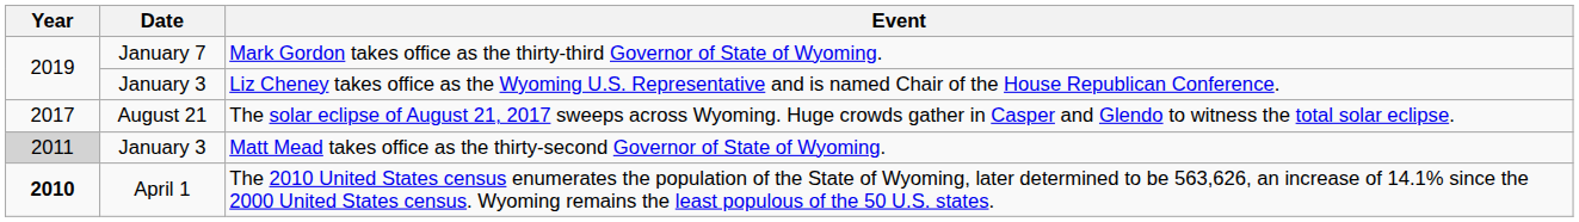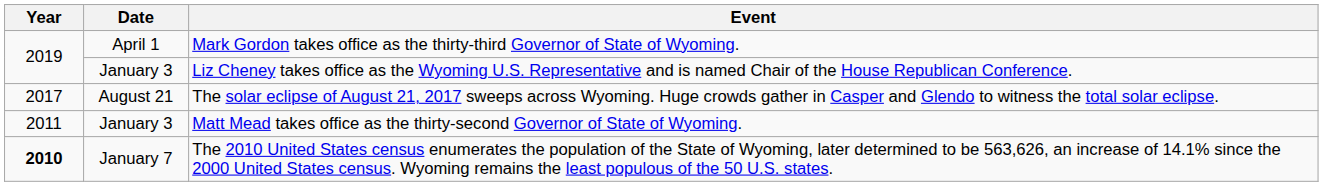 <table class="wikitable" style="width:100%;">
 <tr>
 <th style="width:6%">Year</th>
 <th style="width:8%">Date</th>
 <th style="width:86%">Event</th>
 </tr>
 <tr>
 <td align=center rowspan=2>2019</td>
-<td align=center>January 7</td>
+<td align=center>April 1</td>
 <td><a href='#'>Mark Gordon</a> takes office as the thirty-third <a href='#'>Governor of State of Wyoming</a>.</td>
 </tr>
 <tr>
 <td align=center>January 3</td>
 <td><a href='#'>Liz Cheney</a> takes office as the <a href='#'>Wyoming U.S. Representative</a> and is named Chair of the <a href='#'>House Republican Conference</a>.</td>
 </tr>
 <tr>
 <td align=center rowspan=1>2017</td>
 <td align=center>August 21</td>
 <td>The <a href='#'>solar eclipse of August 21, 2017</a> sweeps across Wyoming.  Huge crowds gather in <a href='#'>Casper</a> and <a href='#'>Glendo</a> to witness the <a href='#'>total solar eclipse</a>.</td>
 </tr>
 <tr>
-<td align=center rowspan=1 style="background: lightgrey;">2011</td>
+<td align=center rowspan=1>2011</td>
 <td align=center>January 3</td>
 <td><a href='#'>Matt Mead</a> takes office as the thirty-second <a href='#'>Governor of State of Wyoming</a>.</td>
 </tr>
 <tr>
 <td align=center rowspan=1><strong>2010</strong></td>
-<td align=center>April 1</td>
+<td align=center>January 7</td>
 <td>The <a href='#'>2010 United States census</a> enumerates the population of the State of Wyoming, later determined to be 563,626, an increase of 14.1% since the <a href='#'>2000 United States census</a>. Wyoming remains the <a href='#'>least populous of the 50 U.S. states</a>.</td>
 </tr>
 </table>
